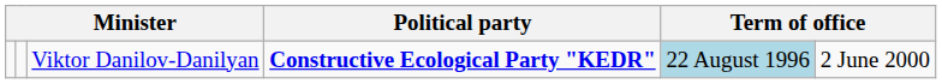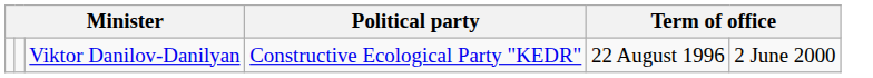 <table class="wikitable" style="text-align:center;">
 <tr>
 <th colspan=3>Minister</th>
 <th>Political party</th>
 <th colspan=2>Term of office</th>
 </tr>
 <tr>
 <td style="background: "></td>
 <td></td>
 <td><a href='#'>Viktor Danilov-Danilyan</a></td>
-<td><strong><a href='#'>Constructive Ecological Party "KEDR"</a></strong></td>
-<td style="background: lightblue;">22 August 1996</td>
+<td><a href='#'>Constructive Ecological Party "KEDR"</a></td>
+<td>22 August 1996</td>
 <td>2 June 2000</td>
 </tr>
 </table>
